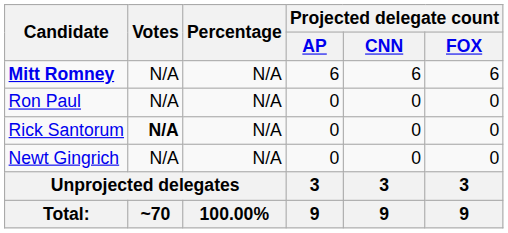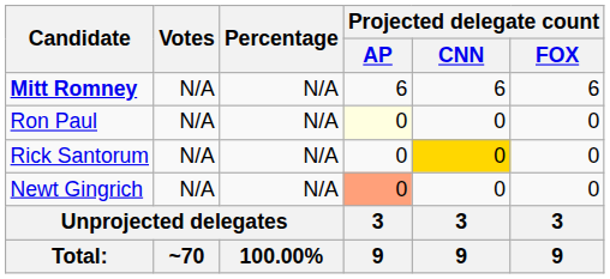 <table class="wikitable" style="text-align:right;">
 <tr>
 <th rowspan="2">Candidate</th>
 <th rowspan="2">Votes</th>
 <th rowspan="2">Percentage</th>
 <th colspan="3">Projected delegate count</th>
 </tr>
 <tr>
 <th><a href='#'>AP</a></th>
 <th><a href='#'>CNN</a></th>
 <th><a href='#'>FOX</a></th>
 </tr>
 <tr>
 <td style="text-align:left;"> <strong><a href='#'>Mitt Romney</a></strong></td>
 <td>N/A</td>
 <td>N/A</td>
 <td>6</td>
 <td>6</td>
 <td>6</td>
 </tr>
 <tr>
 <td style="text-align:left;"><a href='#'>Ron Paul</a></td>
 <td>N/A</td>
 <td>N/A</td>
-<td>0</td>
+<td style="background: lightyellow;">0</td>
 <td>0</td>
 <td>0</td>
 </tr>
 <tr>
 <td style="text-align:left;"><a href='#'>Rick Santorum</a></td>
-<td><strong>N/A</strong></td>
+<td>N/A</td>
 <td>N/A</td>
 <td>0</td>
-<td>0</td>
+<td style="background: gold;">0</td>
 <td>0</td>
 </tr>
 <tr>
 <td style="text-align:left;"><a href='#'>Newt Gingrich</a></td>
 <td>N/A</td>
 <td>N/A</td>
-<td>0</td>
+<td style="background: lightsalmon;">0</td>
 <td>0</td>
 <td>0</td>
 </tr>
 <tr style="background:#eee;">
 <th colspan="3">Unprojected delegates</th>
 <th>3</th>
 <th>3</th>
 <th>3</th>
 </tr>
 <tr style="background:#eee;">
 <th>Total:</th>
 <th>~70</th>
 <th>100.00%</th>
 <th>9</th>
 <th>9</th>
 <th>9</th>
 </tr>
 </table>
